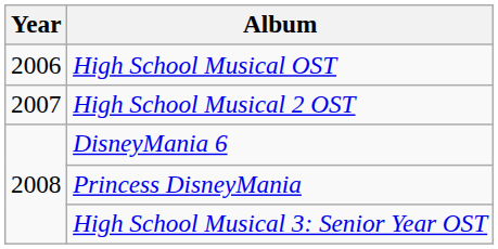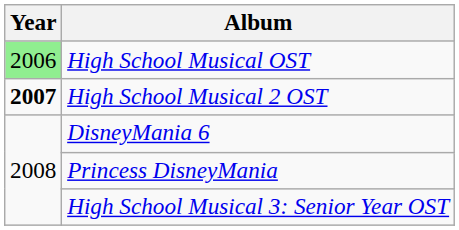 <table class="wikitable">
 <tr>
 <th>Year</th>
 <th>Album</th>
 </tr>
 <tr>
-<td align="center" rowspan="1">2006</td>
+<td align="center" rowspan="1" style="background: lightgreen;">2006</td>
 <td align="left"><em><a href='#'>High School Musical OST</a></em></td>
 </tr>
 <tr>
-<td align="center" rowspan="1">2007</td>
+<td align="center" rowspan="1"><strong>2007</strong></td>
 <td align="left"><em><a href='#'>High School Musical 2 OST</a></em></td>
 </tr>
 <tr>
 <td align="center" rowspan="3">2008</td>
 <td align="left"><em><a href='#'>DisneyMania 6</a></em></td>
 </tr>
 <tr>
 <td align="left"><em><a href='#'>Princess DisneyMania</a></em></td>
 </tr>
 <tr>
 <td align="left"><em><a href='#'>High School Musical 3: Senior Year OST</a></em></td>
 </tr>
 </table>
